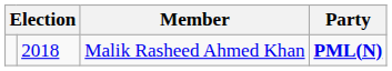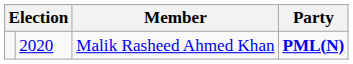 <table class="wikitable">
 <tr>
 <th colspan="2">Election</th>
 <th>Member</th>
 <th>Party</th>
 </tr>
 <tr>
 <td style="background-color: "></td>
-<td><a href='#'>2018</a></td>
+<td><a href='#'>2020</a></td>
 <td><a href='#'>Malik Rasheed Ahmed Khan</a></td>
 <td><strong><a href='#'>PML(N)</a></strong></td>
 </tr>
 </table>
